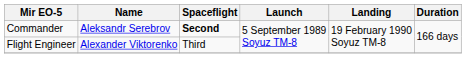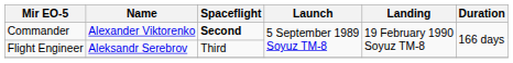 <table class="wikitable">
 <tr>
 <th>Mir EO-5</th>
 <th>Name</th>
 <th>Spaceflight</th>
 <th>Launch</th>
 <th>Landing</th>
 <th>Duration</th>
 </tr>
 <tr>
 <td>Commander</td>
-<td> <a href='#'>Aleksandr Serebrov</a></td>
+<td> <a href='#'>Alexander Viktorenko</a></td>
 <td><strong>Second</strong></td>
 <td rowspan="2">5 September 1989 <br> <a href='#'>Soyuz TM-8</a></td>
 <td rowspan="2">19 February 1990 <br> Soyuz TM-8</td>
 <td rowspan="2">166 days</td>
 </tr>
 <tr>
 <td>Flight Engineer</td>
-<td> <a href='#'>Alexander Viktorenko</a></td>
+<td> <a href='#'>Aleksandr Serebrov</a></td>
 <td>Third</td>
 </tr>
 <tr>
 </tr>
 </table>
